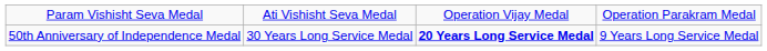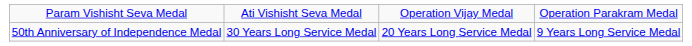 <table class="wikitable" style="margin:1em auto; text-align:center;">
 <tr>
 <td><a href='#'>Param Vishisht Seva Medal</a></td>
 <td><a href='#'>Ati Vishisht Seva Medal</a></td>
 <td><a href='#'>Operation Vijay Medal</a></td>
 <td><a href='#'>Operation Parakram Medal</a></td>
 </tr>
 <tr>
 <td><a href='#'>50th Anniversary of Independence Medal</a></td>
 <td><a href='#'>30 Years Long Service Medal</a></td>
-<td><strong><a href='#'>20 Years Long Service Medal</a></strong></td>
+<td><a href='#'>20 Years Long Service Medal</a></td>
 <td><a href='#'>9 Years Long Service Medal</a></td>
 </tr>
 </table>
